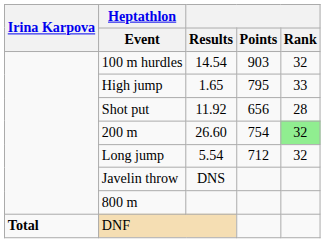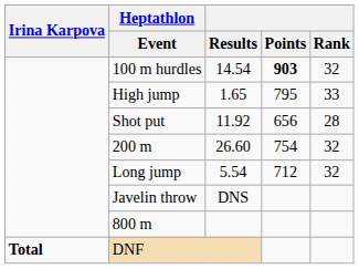 <table class=wikitable style="font-size:90%;">
 <tr>
 <th rowspan="2"><a href='#'>Irina Karpova</a></th>
 <th><a href='#'>Heptathlon</a></th>
 <th colspan="3"></th>
 </tr>
 <tr>
 <th>Event</th>
 <th>Results</th>
 <th>Points</th>
 <th>Rank</th>
 </tr>
 <tr style="border-top: single;">
 <td rowspan="7"></td>
 <td>100 m hurdles</td>
 <td align=center>14.54</td>
-<td align=center>903</td>
+<td align=center><strong>903</strong></td>
 <td align=center>32</td>
 </tr>
 <tr>
 <td>High jump</td>
 <td align=center>1.65</td>
 <td align=center>795</td>
 <td align=center>33</td>
 </tr>
 <tr>
 <td>Shot put</td>
 <td align=center>11.92</td>
 <td align=center>656</td>
 <td align=center>28</td>
 </tr>
 <tr>
 <td>200 m</td>
 <td align=center>26.60</td>
 <td align=center>754</td>
-<td align=center style="background: lightgreen;">32</td>
+<td align=center>32</td>
 </tr>
 <tr>
 <td>Long jump</td>
 <td align=center>5.54</td>
 <td align=center>712</td>
 <td align=center>32</td>
 </tr>
 <tr>
 <td>Javelin throw</td>
 <td align=center>DNS</td>
 <td align=center></td>
 <td align=center></td>
 </tr>
 <tr>
 <td>800 m</td>
 <td align=center></td>
 <td align=center></td>
 <td align=center></td>
 </tr>
 <tr style="border-top: single;">
 <td><strong>Total</strong></td>
 <td colspan="2" style="background:wheat;">DNF</td>
 <td align=center></td>
 <td align=center></td>
 </tr>
 </table>
